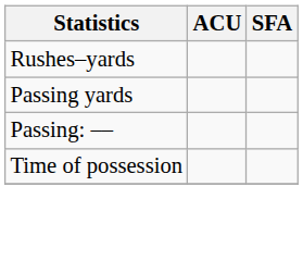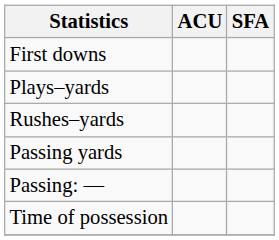 <table class="wikitable" style="float: left;">
 <tr>
 <th>Statistics</th>
 <th>ACU</th>
 <th>SFA</th>
+</tr>
+<tr>
+<td>First downs</td>
+<td></td>
+<td></td>
+</tr>
+<tr>
+<td>Plays–yards</td>
+<td></td>
+<td></td>
 </tr>
 <tr>
 <td>Rushes–yards</td>
 <td></td>
 <td></td>
 </tr>
 <tr>
 <td>Passing yards</td>
 <td></td>
 <td></td>
 </tr>
 <tr>
 <td>Passing: ––</td>
 <td></td>
 <td></td>
 </tr>
 <tr>
 <td>Time of possession</td>
 <td></td>
 <td></td>
 </tr>
 <tr>
 </tr>
 </table>
